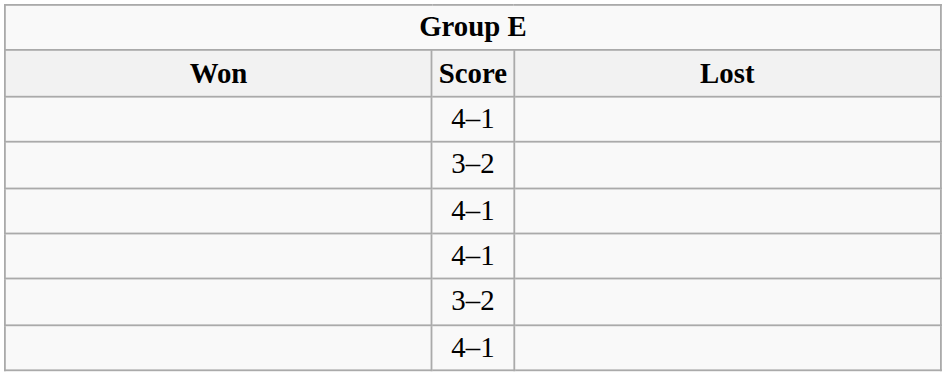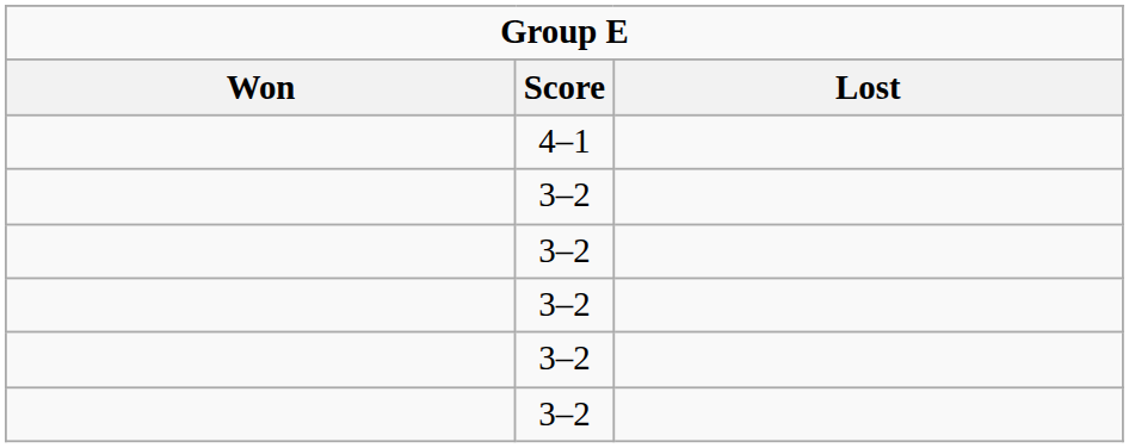 <table class="wikitable" style="text-align: center;">
 <tr>
 <td colspan="3"><strong>Group E</strong></td>
 </tr>
 <tr>
 <th scope="col" style="width: 230px;">Won</th>
 <th scope="col" style="width: 30px;">Score</th>
 <th scope="col" style="width: 230px;">Lost</th>
 </tr>
 <tr>
 <td></td>
 <td>4–1</td>
 <td></td>
 </tr>
 <tr>
 <td></td>
 <td>3–2</td>
 <td></td>
 </tr>
 <tr>
 <td></td>
-<td>4–1</td>
-<td></td>
-</tr>
-<tr>
-<td></td>
-<td>4–1</td>
+<td>3–2</td>
 <td></td>
 </tr>
 <tr>
 <td></td>
 <td>3–2</td>
 <td></td>
 </tr>
 <tr>
 <td></td>
-<td>4–1</td>
+<td>3–2</td>
+<td></td>
+</tr>
+<tr>
+<td></td>
+<td>3–2</td>
 <td></td>
 </tr>
 </table>
